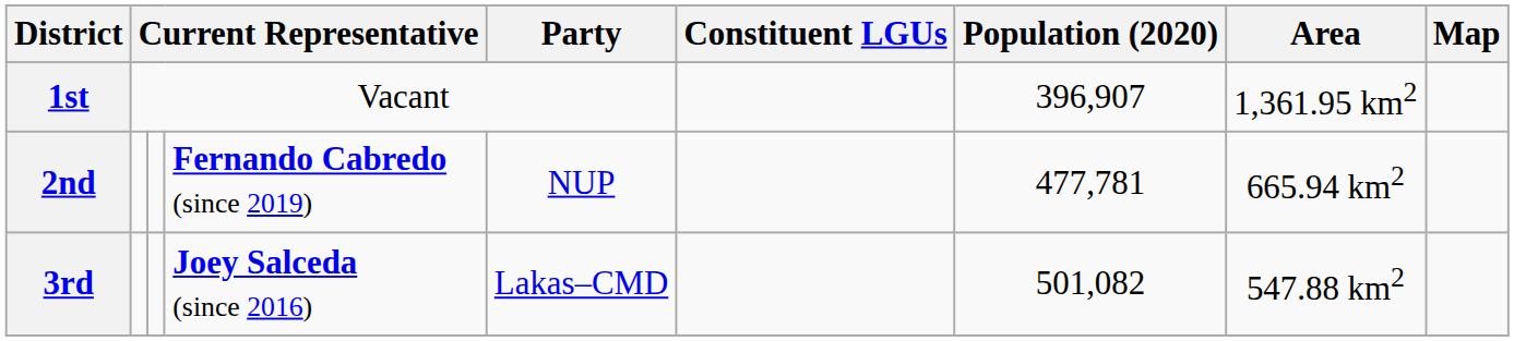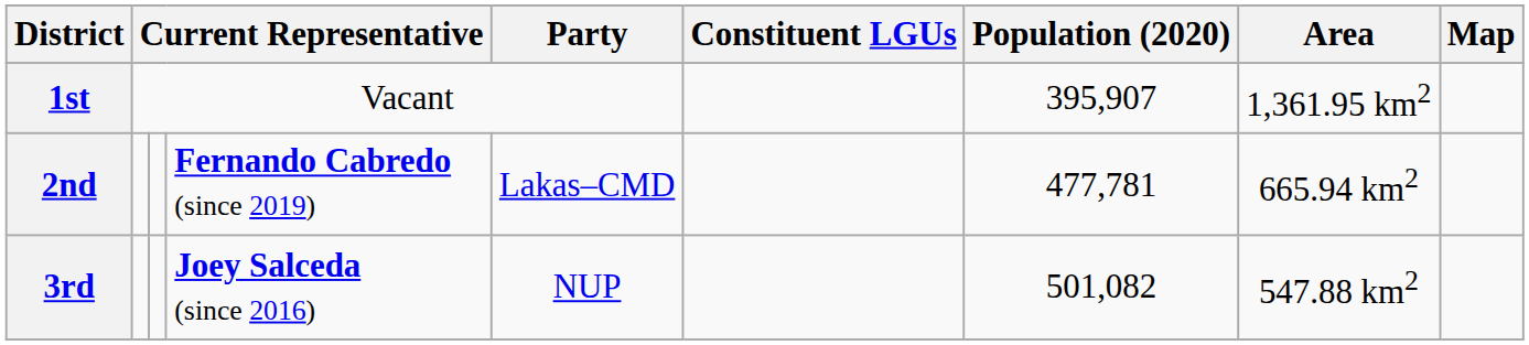 <table class="wikitable sortable" style="margin: 1em auto; font-size:100%; line-height:20px; text-align:center">
 <tr>
 <th>District</th>
 <th colspan="3">Current Representative</th>
 <th>Party</th>
 <th>Constituent <a href='#'>LGUs</a></th>
 <th>Population (2020)</th>
 <th>Area</th>
 <th>Map</th>
 </tr>
 <tr>
 <th><a href='#'>1st</a></th>
 <td colspan="4">Vacant</td>
 <td></td>
-<td>396,907</td>
+<td>395,907</td>
 <td>1,361.95 km<sup>2</sup></td>
 <td></td>
 </tr>
 <tr>
 <th><a href='#'>2nd</a></th>
 <td style="background:"></td>
 <td></td>
 <td style="text-align:left;"><strong><a href='#'>Fernando Cabredo</a></strong><br><small>(since <a href='#'>2019</a>)</small></td>
-<td><a href='#'>NUP</a></td>
+<td><a href='#'>Lakas–CMD</a></td>
 <td></td>
 <td>477,781</td>
 <td>665.94 km<sup>2</sup></td>
 <td></td>
 </tr>
 <tr>
 <th><a href='#'>3rd</a></th>
 <td style="background:"></td>
 <td></td>
 <td style="text-align:left;"><strong><a href='#'>Joey Salceda</a></strong><br><small>(since <a href='#'>2016</a>)</small></td>
-<td><a href='#'>Lakas–CMD</a></td>
+<td><a href='#'>NUP</a></td>
 <td></td>
 <td>501,082</td>
 <td>547.88 km<sup>2</sup></td>
 <td></td>
 </tr>
 </table>
